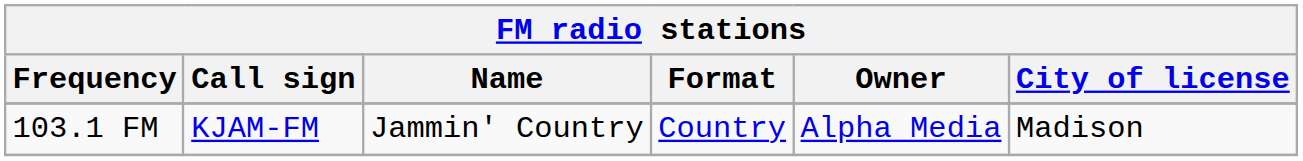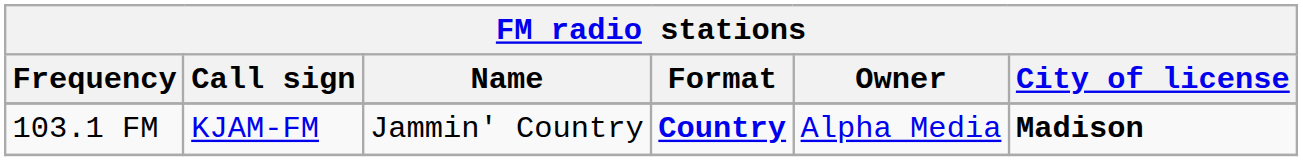 <table class="wikitable">
 <tr>
 <th align="center" colspan="7"><strong><a href='#'>FM radio</a> stations</strong></th>
 </tr>
 <tr>
 <th>Frequency</th>
 <th>Call sign</th>
 <th>Name</th>
 <th>Format</th>
 <th>Owner</th>
 <th><a href='#'>City of license</a></th>
 </tr>
 <tr>
 </tr>
 <tr>
 <td>103.1 FM</td>
 <td><a href='#'>KJAM-FM</a></td>
 <td>Jammin' Country</td>
-<td><a href='#'>Country</a></td>
+<td><strong><a href='#'>Country</a></strong></td>
 <td><a href='#'>Alpha Media</a></td>
-<td>Madison</td>
+<td><strong>Madison</strong></td>
 </tr>
 <tr>
 </tr>
 </table>
